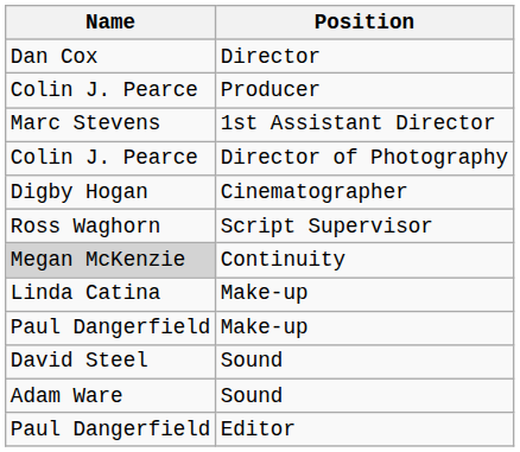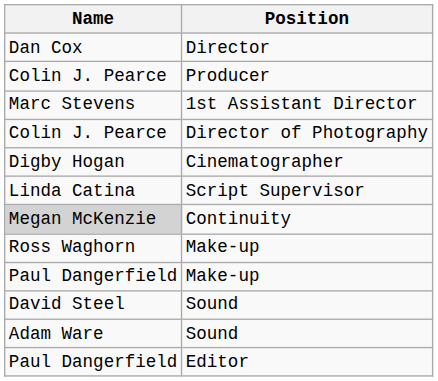 <table class="wikitable">
 <tr>
 <th>Name</th>
 <th>Position</th>
 </tr>
 <tr>
 <td>Dan Cox</td>
 <td>Director</td>
 </tr>
 <tr>
 <td>Colin J. Pearce</td>
 <td>Producer</td>
 </tr>
 <tr>
 <td>Marc Stevens</td>
 <td>1st Assistant Director</td>
 </tr>
 <tr>
 <td>Colin J. Pearce</td>
 <td>Director of Photography</td>
 </tr>
 <tr>
 <td>Digby Hogan</td>
 <td>Cinematographer</td>
 </tr>
 <tr>
-<td>Ross Waghorn</td>
+<td>Linda Catina</td>
 <td>Script Supervisor</td>
 </tr>
 <tr>
 <td style="background: lightgrey;">Megan McKenzie</td>
 <td>Continuity</td>
 </tr>
 <tr>
-<td>Linda Catina</td>
+<td>Ross Waghorn</td>
 <td>Make-up</td>
 </tr>
 <tr>
 <td>Paul Dangerfield</td>
 <td>Make-up</td>
 </tr>
 <tr>
 <td>David Steel</td>
 <td>Sound</td>
 </tr>
 <tr>
 <td>Adam Ware</td>
 <td>Sound</td>
 </tr>
 <tr>
 <td>Paul Dangerfield</td>
 <td>Editor</td>
 </tr>
 </table>
